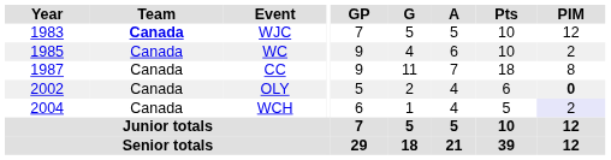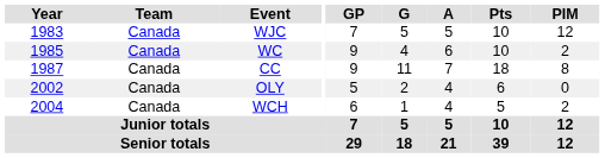 <table border="0" cellpadding="1" cellspacing="0" ID="Table3" style="text-align:center; width:40em">
 <tr bgcolor="#e0e0e0">
 <th>Year</th>
 <th>Team</th>
 <th>Event</th>
 <th rowspan="102" bgcolor="#ffffff"></th>
 <th>GP</th>
 <th>G</th>
 <th>A</th>
 <th>Pts</th>
 <th>PIM</th>
 </tr>
 <tr>
 <td><a href='#'>1983</a></td>
-<td><strong><a href='#'>Canada</a></strong></td>
+<td><a href='#'>Canada</a></td>
 <td><a href='#'>WJC</a></td>
 <td>7</td>
 <td>5</td>
 <td>5</td>
 <td>10</td>
 <td>12</td>
 </tr>
 <tr bgcolor="#f0f0f0">
 <td><a href='#'>1985</a></td>
 <td><a href='#'>Canada</a></td>
 <td><a href='#'>WC</a></td>
 <td>9</td>
 <td>4</td>
 <td>6</td>
 <td>10</td>
 <td>2</td>
 </tr>
 <tr>
 <td><a href='#'>1987</a></td>
 <td>Canada</td>
 <td><a href='#'>CC</a></td>
 <td>9</td>
 <td>11</td>
 <td>7</td>
 <td>18</td>
 <td>8</td>
 </tr>
 <tr bgcolor="#f0f0f0">
 <td><a href='#'>2002</a></td>
 <td>Canada</td>
 <td><a href='#'>OLY</a></td>
 <td>5</td>
 <td>2</td>
 <td>4</td>
 <td>6</td>
-<td><strong>0</strong></td>
+<td>0</td>
 </tr>
 <tr>
 <td><a href='#'>2004</a></td>
 <td>Canada</td>
 <td><a href='#'>WCH</a></td>
 <td>6</td>
 <td>1</td>
 <td>4</td>
 <td>5</td>
-<td style="background: lavender;">2</td>
+<td>2</td>
 </tr>
 <tr bgcolor="#e0e0e0">
 <th colspan="4">Junior totals</th>
 <th>7</th>
 <th>5</th>
 <th>5</th>
 <th>10</th>
 <th>12</th>
 </tr>
 <tr bgcolor="#e0e0e0">
 <th colspan="4">Senior totals</th>
 <th>29</th>
 <th>18</th>
 <th>21</th>
 <th>39</th>
 <th>12</th>
 </tr>
 </table>
